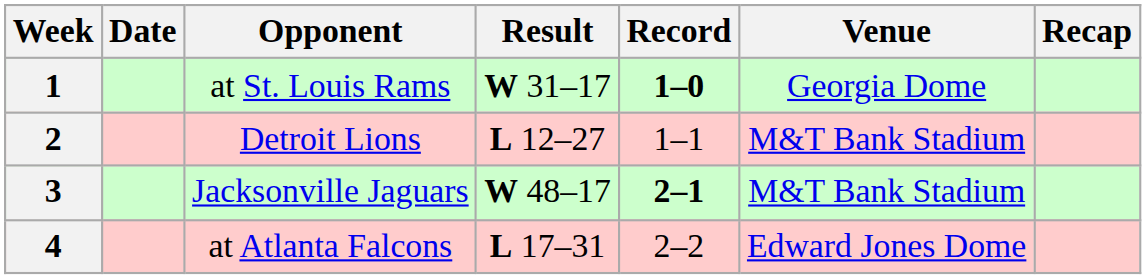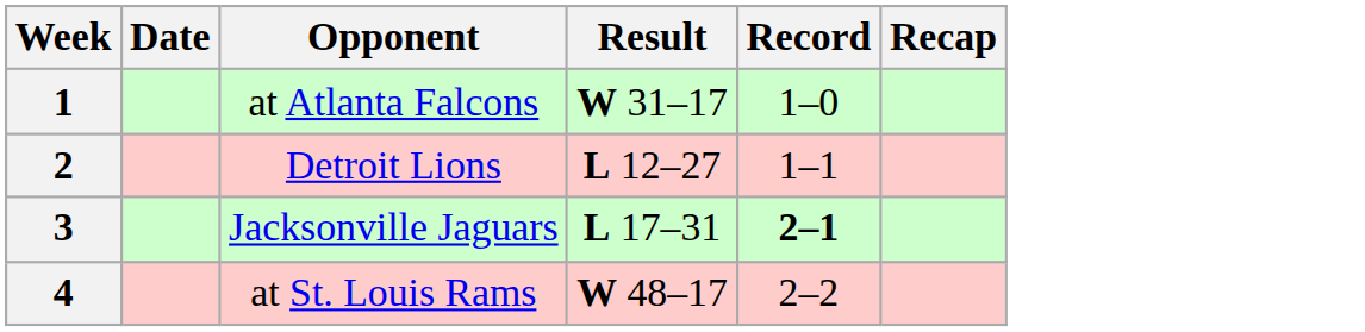 <table class="wikitable" style="text-align:center">
 <tr>
 <th>Week</th>
 <th>Date</th>
 <th>Opponent</th>
 <th>Result</th>
 <th>Record</th>
-<th>Venue</th>
 <th>Recap</th>
 </tr>
 <tr style="background:#cfc">
 <th>1</th>
 <td></td>
-<td>at <a href='#'>St. Louis Rams</a></td>
+<td>at <a href='#'>Atlanta Falcons</a></td>
 <td><strong>W</strong> 31–17</td>
-<td><strong>1–0</strong></td>
-<td><a href='#'>Georgia Dome</a></td>
+<td>1–0</td>
 <td></td>
 </tr>
 <tr style="background:#fcc">
 <th>2</th>
 <td></td>
 <td><a href='#'>Detroit Lions</a></td>
 <td><strong>L</strong> 12–27</td>
 <td>1–1</td>
-<td><a href='#'>M&T Bank Stadium</a></td>
 <td></td>
 </tr>
 <tr style="background:#cfc">
 <th>3</th>
 <td></td>
 <td><a href='#'>Jacksonville Jaguars</a></td>
-<td><strong>W</strong> 48–17</td>
+<td><strong>L</strong> 17–31</td>
 <td><strong>2–1</strong></td>
-<td><a href='#'>M&T Bank Stadium</a></td>
 <td></td>
 </tr>
 <tr style="background:#fcc">
 <th>4</th>
 <td></td>
-<td>at <a href='#'>Atlanta Falcons</a></td>
-<td><strong>L</strong> 17–31</td>
+<td>at <a href='#'>St. Louis Rams</a></td>
+<td><strong>W</strong> 48–17</td>
 <td>2–2</td>
-<td><a href='#'>Edward Jones Dome</a></td>
 <td></td>
 </tr>
 </table>
